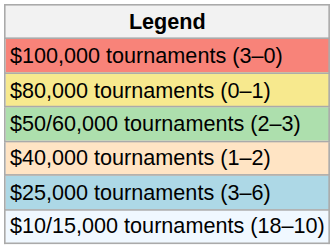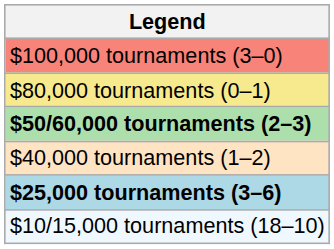 <table class="wikitable" style="font-size:85%">
 <tr>
 <th>Legend</th>
 </tr>
 <tr style="background:#f88379;">
 <td>$100,000 tournaments (3–0)</td>
 </tr>
 <tr style="background:#f7e98e;">
 <td>$80,000 tournaments (0–1)</td>
 </tr>
 <tr style="background:#addfad;">
-<td>$50/60,000 tournaments (2–3)</td>
+<td><strong>$50/60,000 tournaments (2–3)</strong></td>
 </tr>
 <tr style="background:#ffe4c4;">
 <td>$40,000 tournaments (1–2)</td>
 </tr>
 <tr style="background:lightblue;">
-<td>$25,000 tournaments (3–6)</td>
+<td><strong>$25,000 tournaments (3–6)</strong></td>
 </tr>
 <tr style="background:#f0f8ff;">
 <td>$10/15,000 tournaments (18–10)</td>
 </tr>
 </table>
